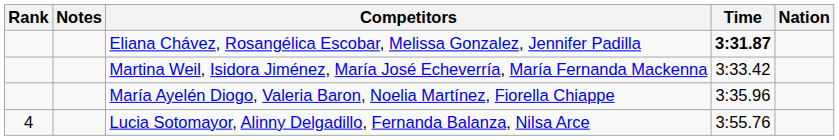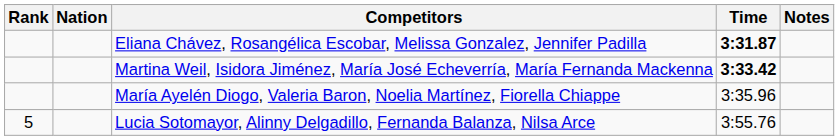 <table class="wikitable sortable" style="text-align:center">
 <tr>
 <th>Rank</th>
-<th>Notes</th>
+<th>Nation</th>
 <th>Competitors</th>
 <th>Time</th>
-<th>Nation</th>
+<th>Notes</th>
 </tr>
 <tr>
 <td></td>
-<td><strong></strong></td>
+<td align=left></td>
 <td align=left><a href='#'>Eliana Chávez</a>, <a href='#'>Rosangélica Escobar</a>, <a href='#'>Melissa Gonzalez</a>, <a href='#'>Jennifer Padilla</a></td>
 <td><strong>3:31.87</strong></td>
-<td align=left></td>
+<td><strong></strong></td>
 </tr>
 <tr>
 <td></td>
+<td align=left></td>
+<td align=left><a href='#'>Martina Weil</a>, <a href='#'>Isidora Jiménez</a>, <a href='#'>María José Echeverría</a>, <a href='#'>María Fernanda Mackenna</a></td>
+<td><strong>3:33.42</strong></td>
 <td></td>
-<td align=left><a href='#'>Martina Weil</a>, <a href='#'>Isidora Jiménez</a>, <a href='#'>María José Echeverría</a>, <a href='#'>María Fernanda Mackenna</a></td>
-<td>3:33.42</td>
-<td align=left></td>
 </tr>
 <tr>
 <td></td>
-<td><strong></strong></td>
+<td align=left></td>
 <td align=left><a href='#'>María Ayelén Diogo</a>, <a href='#'>Valeria Baron</a>, <a href='#'>Noelia Martínez</a>, <a href='#'>Fiorella Chiappe</a></td>
 <td>3:35.96</td>
-<td align=left></td>
+<td><strong></strong></td>
 </tr>
 <tr>
-<td>4</td>
-<td></td>
+<td>5</td>
+<td align=left></td>
 <td align=left><a href='#'>Lucia Sotomayor</a>, <a href='#'>Alinny Delgadillo</a>, <a href='#'>Fernanda Balanza</a>, <a href='#'>Nilsa Arce</a></td>
 <td>3:55.76</td>
-<td align=left></td>
+<td></td>
 </tr>
 </table>
